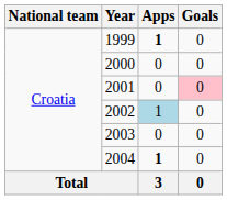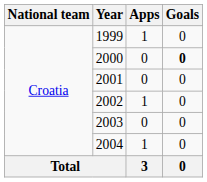 <table class="wikitable" style="text-align:center">
 <tr>
 <th>National team</th>
 <th>Year</th>
 <th>Apps</th>
 <th>Goals</th>
 </tr>
 <tr>
 <td rowspan="6"><a href='#'>Croatia</a></td>
 <td>1999</td>
-<td><strong>1</strong></td>
+<td>1</td>
 <td>0</td>
 </tr>
 <tr>
 <td>2000</td>
 <td>0</td>
-<td>0</td>
+<td><strong>0</strong></td>
 </tr>
 <tr>
 <td>2001</td>
 <td>0</td>
-<td style="background: pink;">0</td>
+<td>0</td>
 </tr>
 <tr>
 <td>2002</td>
-<td style="background: lightblue;">1</td>
+<td>1</td>
 <td>0</td>
 </tr>
 <tr>
 <td>2003</td>
 <td>0</td>
 <td>0</td>
 </tr>
 <tr>
 <td>2004</td>
-<td><strong>1</strong></td>
+<td>1</td>
 <td>0</td>
 </tr>
 <tr>
 <th colspan="2">Total</th>
 <th>3</th>
 <th>0</th>
 </tr>
 </table>
